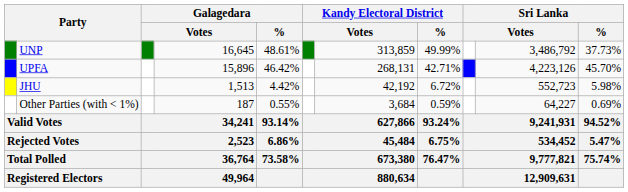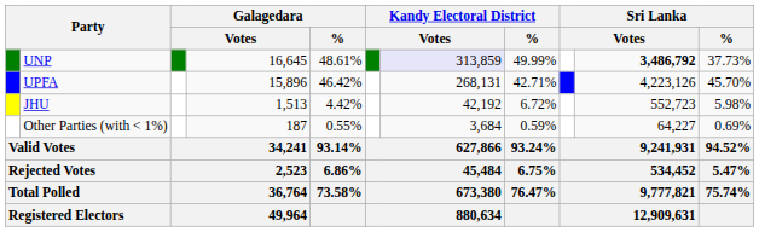 <table class="wikitable">
 <tr>
 <th colspan="2" width="144px"rowspan="2">Party</th>
 <th colspan="3" width="216px">Galagedara</th>
 <th colspan="3" width="216px"><a href='#'>Kandy Electoral District</a></th>
 <th colspan="3" width="216px">Sri Lanka</th>
 </tr>
 <tr>
 <th colspan="2" width="144px">Votes</th>
 <th>%</th>
 <th colspan="2" width="144px">Votes</th>
 <th>%</th>
 <th colspan="2" width="144px">Votes</th>
 <th>%</th>
 </tr>
 <tr>
 <td style="background-color:green;" width="10px"></td>
 <td style="text-align:left;"><a href='#'>UNP</a></td>
 <td style="background-color:green;" width="10px"></td>
 <td style="text-align:right;">16,645</td>
 <td style="text-align:right;">48.61%</td>
 <td style="background-color:green;" width="10px"></td>
-<td style="text-align:right;">313,859</td>
+<td style="background: lavender; text-align:right;">313,859</td>
 <td style="text-align:right;">49.99%</td>
 <td style="background-color:white;" width="10px"></td>
-<td style="text-align:right;">3,486,792</td>
+<td style="text-align:right;"><strong>3,486,792</strong></td>
 <td style="text-align:right;">37.73%</td>
 </tr>
 <tr>
 <td style="background-color:blue;" width="10px"></td>
 <td style="text-align:left;"><a href='#'>UPFA</a></td>
 <td style="background-color:white;" width="10px"></td>
 <td style="text-align:right;">15,896</td>
 <td style="text-align:right;">46.42%</td>
 <td style="background-color:white;" width="10px"></td>
 <td style="text-align:right;">268,131</td>
 <td style="text-align:right;">42.71%</td>
 <td style="background-color:blue;" width="10px"></td>
 <td style="text-align:right;">4,223,126</td>
 <td style="text-align:right;">45.70%</td>
 </tr>
 <tr>
 <td style="background-color:yellow;" width="10px"></td>
 <td style="text-align:left;"><a href='#'>JHU</a></td>
 <td style="background-color:white;" width="10px"></td>
 <td style="text-align:right;">1,513</td>
 <td style="text-align:right;">4.42%</td>
 <td style="background-color:white;" width="10px"></td>
 <td style="text-align:right;">42,192</td>
 <td style="text-align:right;">6.72%</td>
 <td style="background-color:white;" width="10px"></td>
 <td style="text-align:right;">552,723</td>
 <td style="text-align:right;">5.98%</td>
 </tr>
 <tr>
 <td style="background-color:white;" width="10px"></td>
 <td style="text-align:left;">Other Parties (with < 1%)</td>
 <td style="background-color:white;" width="10px"></td>
 <td style="text-align:right;">187</td>
 <td style="text-align:right;">0.55%</td>
 <td style="background-color:white;" width="10px"></td>
 <td style="text-align:right;">3,684</td>
 <td style="text-align:right;">0.59%</td>
 <td style="background-color:white;" width="10px"></td>
 <td style="text-align:right;">64,227</td>
 <td style="text-align:right;">0.69%</td>
 </tr>
 <tr>
 <th colspan="2" width="144px"style="text-align:left;">Valid Votes</th>
 <th style="text-align:right;"colspan="2" width="144px">34,241</th>
 <th style="text-align:right;">93.14%</th>
 <th style="text-align:right;"colspan="2" width="144px">627,866</th>
 <th style="text-align:right;">93.24%</th>
 <th style="text-align:right;"colspan="2" width="144px">9,241,931</th>
 <th style="text-align:right;">94.52%</th>
 </tr>
 <tr>
 <th colspan="2" width="144px"style="text-align:left;">Rejected Votes</th>
 <th style="text-align:right;"colspan="2" width="144px">2,523</th>
 <th style="text-align:right;">6.86%</th>
 <th style="text-align:right;"colspan="2" width="144px">45,484</th>
 <th style="text-align:right;">6.75%</th>
 <th style="text-align:right;"colspan="2" width="144px">534,452</th>
 <th style="text-align:right;">5.47%</th>
 </tr>
 <tr>
 <th colspan="2" width="144px"style="text-align:left;">Total Polled</th>
 <th style="text-align:right;"colspan="2" width="144px">36,764</th>
 <th style="text-align:right;">73.58%</th>
 <th style="text-align:right;"colspan="2" width="144px">673,380</th>
 <th style="text-align:right;">76.47%</th>
 <th style="text-align:right;"colspan="2" width="144px">9,777,821</th>
 <th style="text-align:right;">75.74%</th>
 </tr>
 <tr>
 <th colspan="2" width="144px"style="text-align:left;">Registered Electors</th>
 <th style="text-align:right;"colspan="2" width="144px">49,964</th>
 <th></th>
 <th style="text-align:right;"colspan="2" width="144px">880,634</th>
 <th></th>
 <th style="text-align:right;"colspan="2" width="144px">12,909,631</th>
 <th></th>
 </tr>
 </table>
